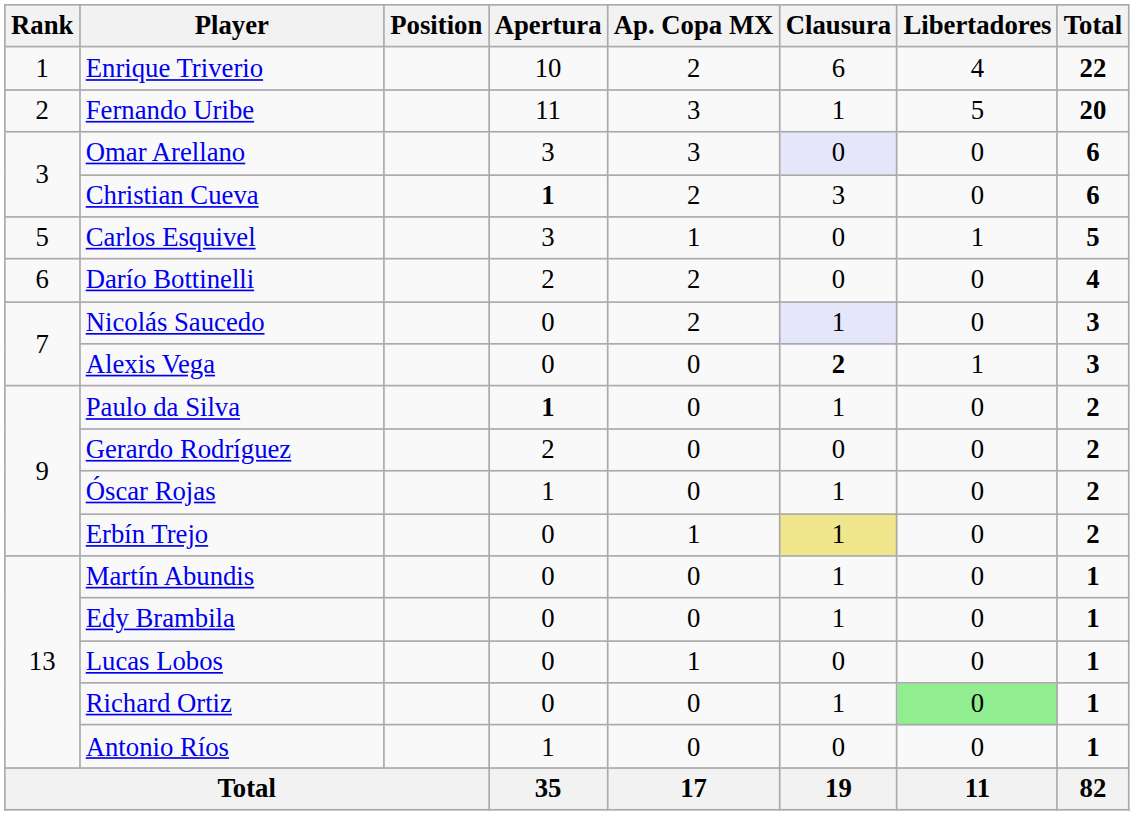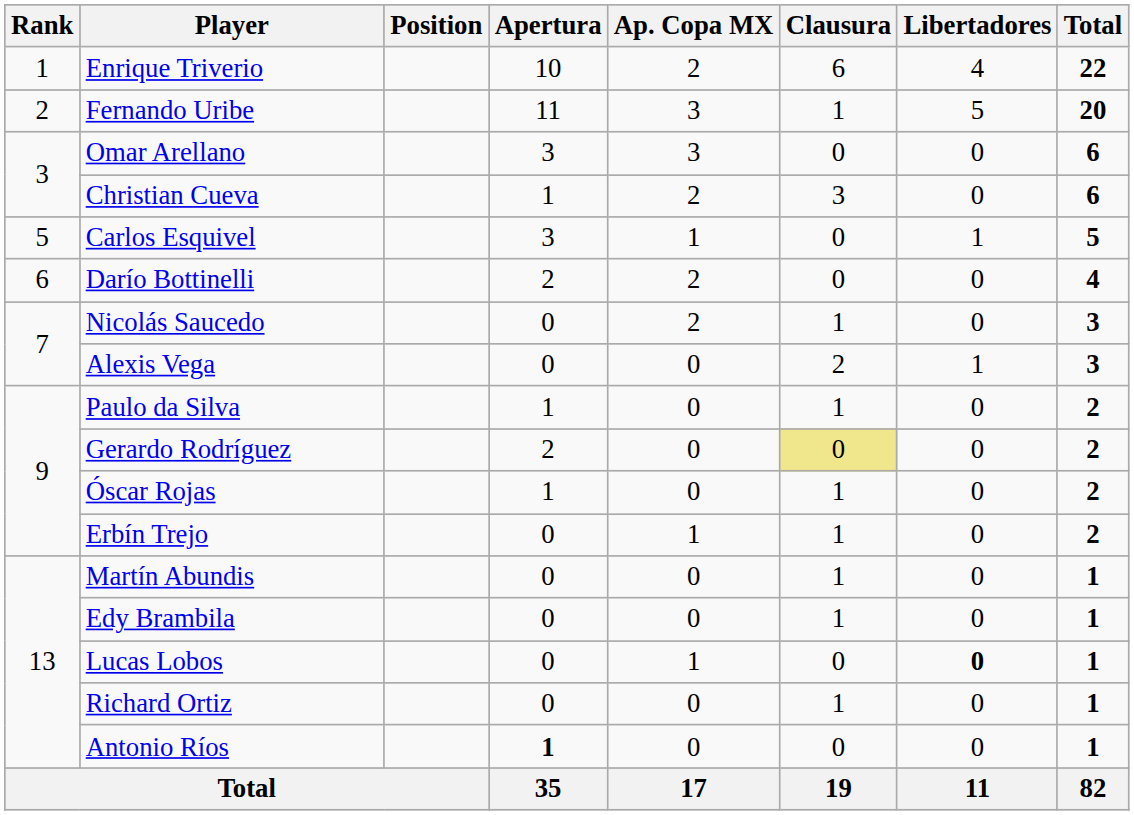 <table class="wikitable">
 <tr>
 <th>Rank</th>
 <th style="width:175px;">Player</th>
 <th>Position</th>
 <th>Apertura</th>
 <th>Ap. Copa MX</th>
 <th>Clausura</th>
 <th>Libertadores</th>
 <th>Total</th>
 </tr>
 <tr>
 <td align=center>1</td>
 <td> <a href='#'>Enrique Triverio</a></td>
 <td align=center></td>
 <td align=center>10</td>
 <td align=center>2</td>
 <td align=center>6</td>
 <td align=center>4</td>
 <td align=center><strong>22</strong></td>
 </tr>
 <tr>
 <td align=center>2</td>
 <td> <a href='#'>Fernando Uribe</a></td>
 <td align=center></td>
 <td align=center>11</td>
 <td align=center>3</td>
 <td align=center>1</td>
 <td align=center>5</td>
 <td align=center><strong>20</strong></td>
 </tr>
 <tr>
 <td align=center rowspan=2>3</td>
 <td> <a href='#'>Omar Arellano</a></td>
 <td align=center></td>
 <td align=center>3</td>
 <td align=center>3</td>
-<td align=center style="background: lavender;">0</td>
+<td align=center>0</td>
 <td align=center>0</td>
 <td align=center><strong>6</strong></td>
 </tr>
 <tr>
 <td> <a href='#'>Christian Cueva</a></td>
 <td align=center></td>
-<td align=center><strong>1</strong></td>
+<td align=center>1</td>
 <td align=center>2</td>
 <td align=center>3</td>
 <td align=center>0</td>
 <td align=center><strong>6</strong></td>
 </tr>
 <tr>
 <td align=center>5</td>
 <td> <a href='#'>Carlos Esquivel</a></td>
 <td align=center></td>
 <td align=center>3</td>
 <td align=center>1</td>
 <td align=center>0</td>
 <td align=center>1</td>
 <td align=center><strong>5</strong></td>
 </tr>
 <tr>
 <td align=center>6</td>
 <td> <a href='#'>Darío Bottinelli</a></td>
 <td align=center></td>
 <td align=center>2</td>
 <td align=center>2</td>
 <td align=center>0</td>
 <td align=center>0</td>
 <td align=center><strong>4</strong></td>
 </tr>
 <tr>
 <td align=center rowspan=2>7</td>
 <td> <a href='#'>Nicolás Saucedo</a></td>
 <td align=center></td>
 <td align=center>0</td>
 <td align=center>2</td>
-<td align=center style="background: lavender;">1</td>
+<td align=center>1</td>
 <td align=center>0</td>
 <td align=center><strong>3</strong></td>
 </tr>
 <tr>
 <td> <a href='#'>Alexis Vega</a></td>
 <td align=center></td>
 <td align=center>0</td>
 <td align=center>0</td>
-<td align=center><strong>2</strong></td>
+<td align=center>2</td>
 <td align=center>1</td>
 <td align=center><strong>3</strong></td>
 </tr>
 <tr>
 <td align=center rowspan=4>9</td>
 <td> <a href='#'>Paulo da Silva</a></td>
 <td align=center></td>
-<td align=center><strong>1</strong></td>
+<td align=center>1</td>
 <td align=center>0</td>
 <td align=center>1</td>
 <td align=center>0</td>
 <td align=center><strong>2</strong></td>
 </tr>
 <tr>
 <td> <a href='#'>Gerardo Rodríguez</a></td>
 <td align=center></td>
 <td align=center>2</td>
 <td align=center>0</td>
-<td align=center>0</td>
+<td align=center style="background: khaki;">0</td>
 <td align=center>0</td>
 <td align=center><strong>2</strong></td>
 </tr>
 <tr>
 <td> <a href='#'>Óscar Rojas</a></td>
 <td align=center></td>
 <td align=center>1</td>
 <td align=center>0</td>
 <td align=center>1</td>
 <td align=center>0</td>
 <td align=center><strong>2</strong></td>
 </tr>
 <tr>
 <td> <a href='#'>Erbín Trejo</a></td>
 <td align=center></td>
 <td align=center>0</td>
 <td align=center>1</td>
-<td align=center style="background: khaki;">1</td>
+<td align=center>1</td>
 <td align=center>0</td>
 <td align=center><strong>2</strong></td>
 </tr>
 <tr>
 <td align=center rowspan=5>13</td>
 <td> <a href='#'>Martín Abundis</a></td>
 <td align=center></td>
 <td align=center>0</td>
 <td align=center>0</td>
 <td align=center>1</td>
 <td align=center>0</td>
 <td align=center><strong>1</strong></td>
 </tr>
 <tr>
 <td> <a href='#'>Edy Brambila</a></td>
 <td align=center></td>
 <td align=center>0</td>
 <td align=center>0</td>
 <td align=center>1</td>
 <td align=center>0</td>
 <td align=center><strong>1</strong></td>
 </tr>
 <tr>
 <td> <a href='#'>Lucas Lobos</a></td>
 <td align=center></td>
 <td align=center>0</td>
 <td align=center>1</td>
 <td align=center>0</td>
-<td align=center>0</td>
+<td align=center><strong>0</strong></td>
 <td align=center><strong>1</strong></td>
 </tr>
 <tr>
 <td> <a href='#'>Richard Ortiz</a></td>
 <td align=center></td>
 <td align=center>0</td>
 <td align=center>0</td>
 <td align=center>1</td>
-<td align=center style="background: lightgreen;">0</td>
+<td align=center>0</td>
 <td align=center><strong>1</strong></td>
 </tr>
 <tr>
 <td> <a href='#'>Antonio Ríos</a></td>
 <td align=center></td>
-<td align=center>1</td>
+<td align=center><strong>1</strong></td>
 <td align=center>0</td>
 <td align=center>0</td>
 <td align=center>0</td>
 <td align=center><strong>1</strong></td>
 </tr>
 <tr>
 <th align=center colspan=3>Total</th>
 <th align=center>35</th>
 <th align=center>17</th>
 <th align=center>19</th>
 <th align=center>11</th>
 <th align=center>82</th>
 </tr>
 </table>
